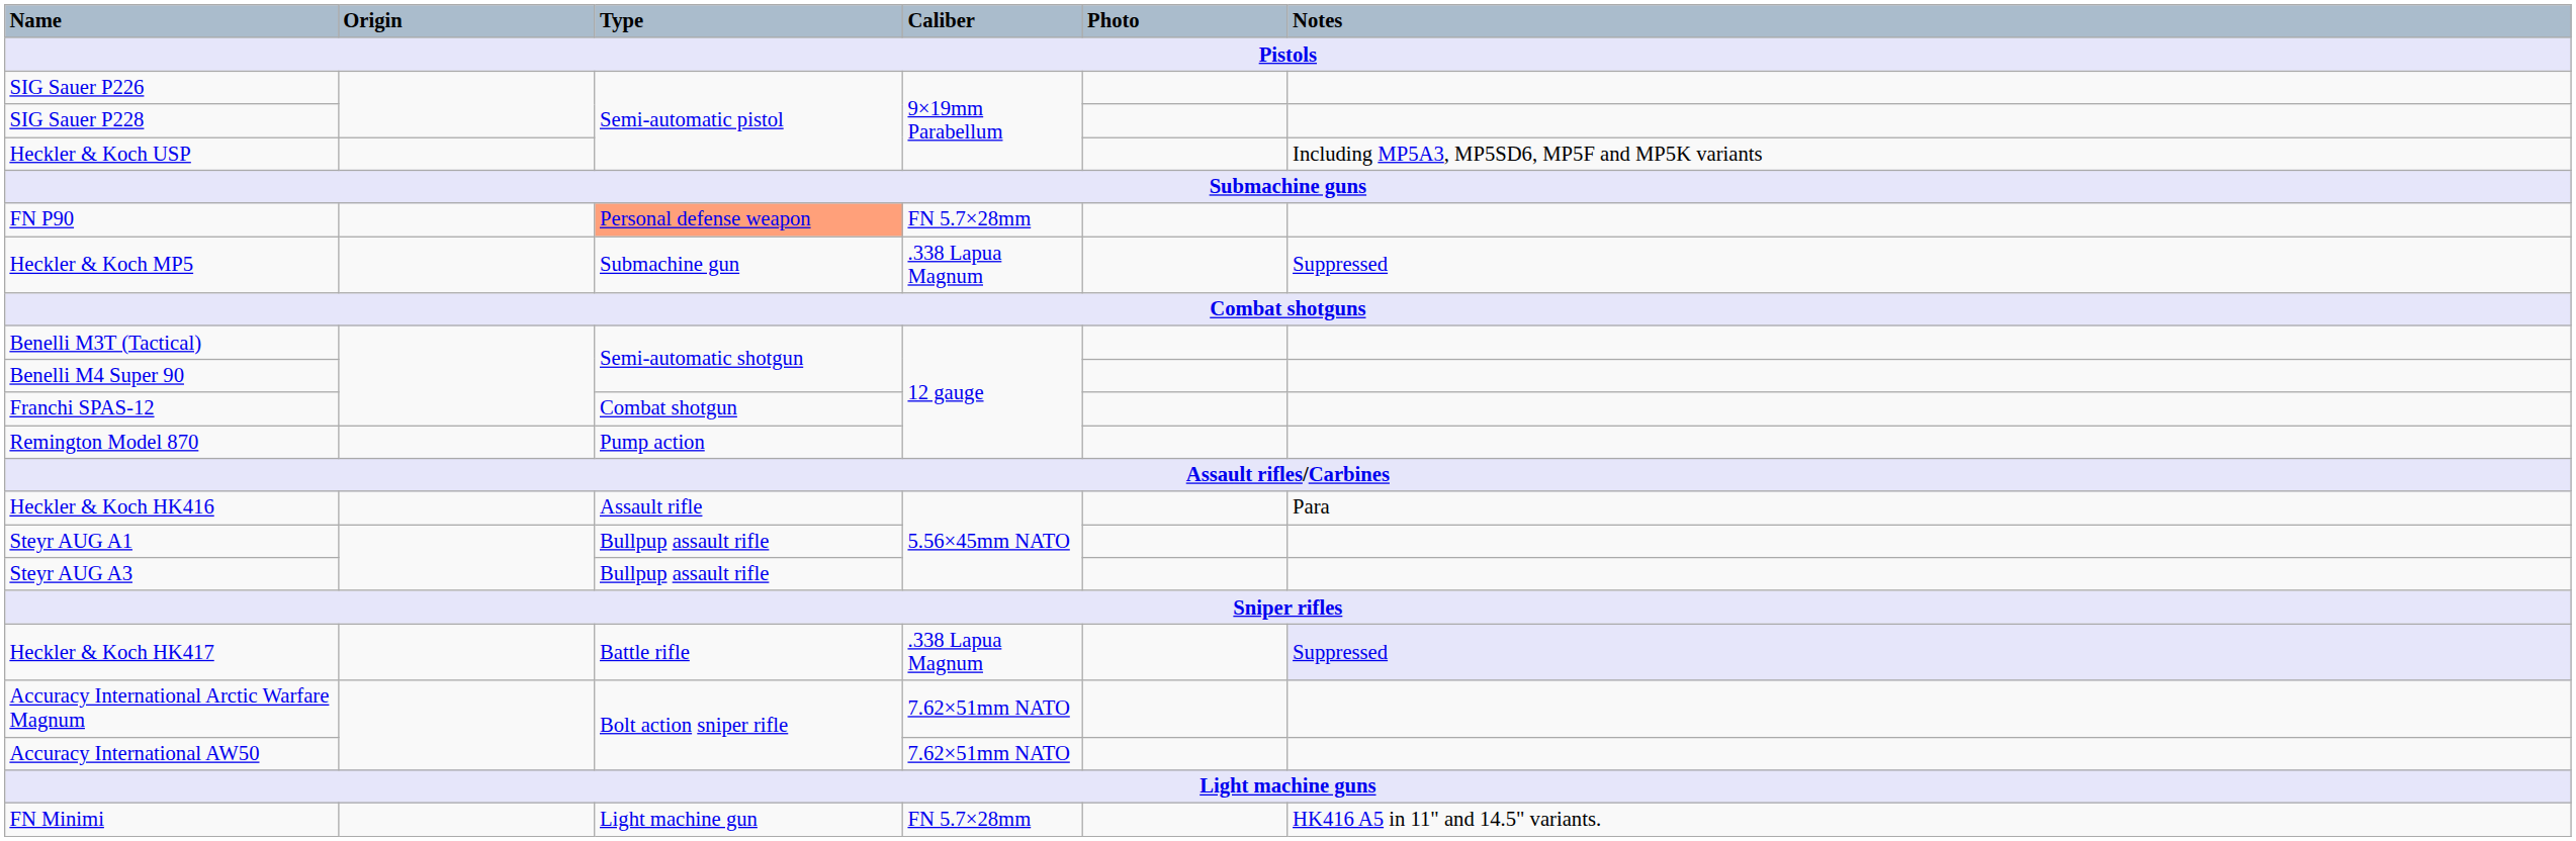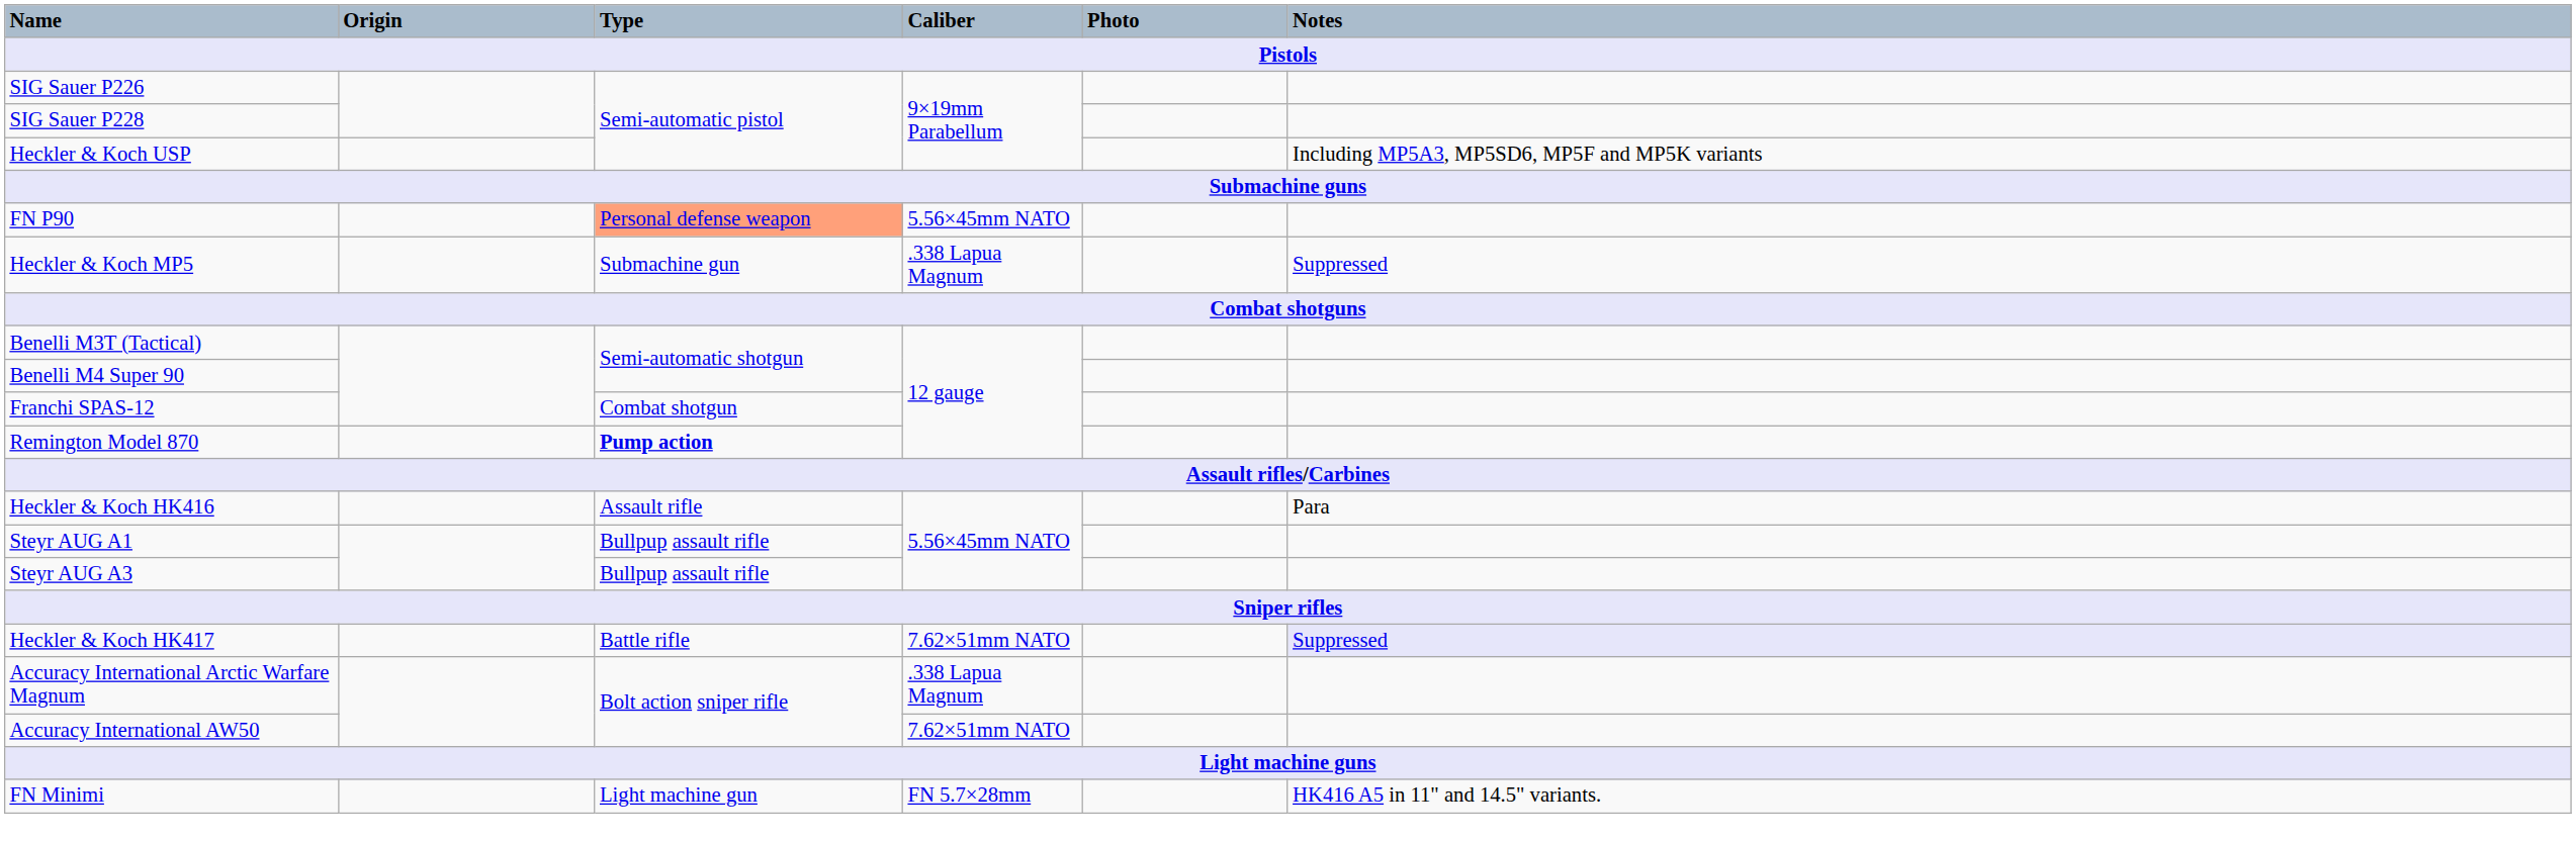 <table class="wikitable">
 <tr>
 <th style="text-align: left; background: #aabccc; width:13%;">Name</th>
 <th style="text-align: left; background: #aabccc; width:10%;">Origin</th>
 <th style="text-align: left; background: #aabccc; width:12%;">Type</th>
 <th style="text-align: left; background: #aabccc; width:7%;">Caliber</th>
 <th style="text-align: left; background: #aabccc;width:8%; ">Photo</th>
 <th style="text-align: left; background: #aabccc;width:50%;">Notes</th>
 </tr>
 <tr>
 <th style="align: center; background: lavender;" colspan="7"><strong><a href='#'>Pistols</a></strong></th>
 </tr>
 <tr>
 <td><a href='#'>SIG Sauer P226</a></td>
 <td rowspan="2"><br></td>
 <td rowspan="3"><a href='#'>Semi-automatic pistol</a></td>
 <td rowspan="3"><a href='#'>9×19mm Parabellum</a></td>
 <td></td>
 <td></td>
 </tr>
 <tr>
 <td><a href='#'>SIG Sauer P228</a></td>
 <td></td>
 <td></td>
 </tr>
 <tr>
 <td><a href='#'>Heckler & Koch USP</a></td>
 <td></td>
 <td></td>
 <td>Including <a href='#'>MP5A3</a>, MP5SD6, MP5F and MP5K variants</td>
 </tr>
 <tr>
 <th style="align: center; background: lavender;" colspan="7"><strong><a href='#'>Submachine guns</a></strong></th>
 </tr>
 <tr>
 <td><a href='#'>FN P90</a></td>
 <td></td>
 <td style="background: lightsalmon;"><a href='#'>Personal defense weapon</a></td>
-<td><a href='#'>FN 5.7×28mm</a></td>
+<td><a href='#'>5.56×45mm NATO</a></td>
 <td></td>
 <td></td>
 </tr>
 <tr>
 <td><a href='#'>Heckler & Koch MP5</a></td>
 <td></td>
 <td><a href='#'>Submachine gun</a></td>
 <td><a href='#'>.338 Lapua Magnum</a></td>
 <td></td>
 <td><a href='#'>Suppressed</a></td>
 </tr>
 <tr>
 <th style="align: center; background: lavender;" colspan="7"><strong><a href='#'>Combat shotguns</a></strong></th>
 </tr>
 <tr>
 <td><a href='#'>Benelli M3T (Tactical)</a></td>
 <td rowspan="3"></td>
 <td rowspan="2"><a href='#'>Semi-automatic shotgun</a></td>
 <td rowspan="4"><a href='#'>12 gauge</a></td>
 <td></td>
 <td></td>
 </tr>
 <tr>
 <td><a href='#'>Benelli M4 Super 90</a></td>
 <td></td>
 <td></td>
 </tr>
 <tr>
 <td><a href='#'>Franchi SPAS-12</a></td>
 <td><a href='#'>Combat shotgun</a></td>
 <td></td>
 <td></td>
 </tr>
 <tr>
 <td><a href='#'>Remington Model 870</a></td>
 <td></td>
-<td><a href='#'>Pump action</a></td>
+<td><strong><a href='#'>Pump action</a></strong></td>
 <td></td>
 <td></td>
 </tr>
 <tr>
 <th style="align: center; background: lavender;" colspan="7"><strong><a href='#'>Assault rifles</a>/<a href='#'>Carbines</a></strong></th>
 </tr>
 <tr>
 <td><a href='#'>Heckler & Koch HK416</a></td>
 <td></td>
 <td><a href='#'>Assault rifle</a></td>
 <td rowspan="3"><a href='#'>5.56×45mm NATO</a></td>
 <td></td>
 <td>Para</td>
 </tr>
 <tr>
 <td><a href='#'>Steyr AUG A1</a></td>
 <td rowspan="2"></td>
 <td><a href='#'>Bullpup</a> <a href='#'>assault rifle</a></td>
 <td></td>
 <td></td>
 </tr>
 <tr>
 <td><a href='#'>Steyr AUG A3</a></td>
 <td><a href='#'>Bullpup</a> <a href='#'>assault rifle</a></td>
 <td></td>
 <td></td>
 </tr>
 <tr>
 <th style="align: center; background: lavender;" colspan="7"><strong><a href='#'>Sniper rifles</a></strong></th>
 </tr>
 <tr>
 <td><a href='#'>Heckler & Koch HK417</a></td>
 <td></td>
 <td><a href='#'>Battle rifle</a></td>
-<td><a href='#'>.338 Lapua Magnum</a></td>
+<td><a href='#'>7.62×51mm NATO</a></td>
 <td></td>
 <td style="background: lavender;"><a href='#'>Suppressed</a></td>
 </tr>
 <tr>
 <td><a href='#'>Accuracy International Arctic Warfare Magnum</a></td>
 <td rowspan="2"></td>
 <td rowspan="2"><a href='#'>Bolt action</a> <a href='#'>sniper rifle</a></td>
-<td><a href='#'>7.62×51mm NATO</a></td>
+<td><a href='#'>.338 Lapua Magnum</a></td>
 <td></td>
 <td></td>
 </tr>
 <tr>
 <td><a href='#'>Accuracy International AW50</a></td>
 <td><a href='#'>7.62×51mm NATO</a></td>
 <td></td>
 <td></td>
 </tr>
 <tr>
 <th style="align: center; background: lavender;" colspan="7"><strong><a href='#'>Light machine guns</a></strong></th>
 </tr>
 <tr>
 <td><a href='#'>FN Minimi</a></td>
 <td></td>
 <td><a href='#'>Light machine gun</a></td>
 <td><a href='#'>FN 5.7×28mm</a></td>
 <td></td>
 <td><a href='#'>HK416 A5</a> in 11" and 14.5" variants.</td>
 </tr>
 </table>
